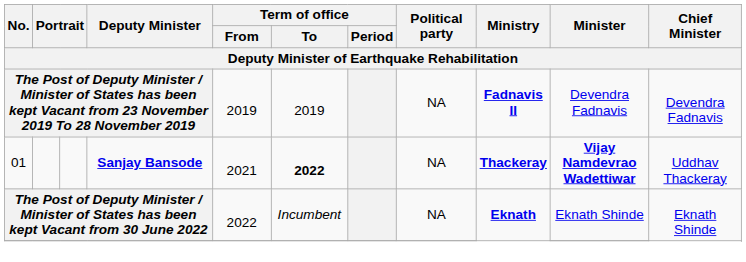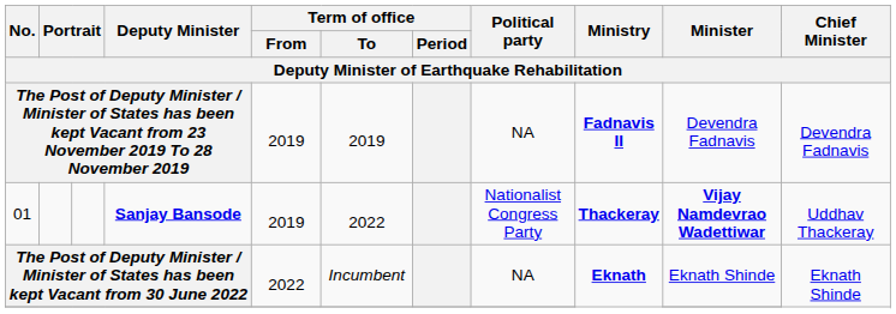 <table class="wikitable" style="text-align:center">
 <tr>
 <th rowspan="2">No.</th>
 <th rowspan="2" colspan="2">Portrait</th>
 <th rowspan="2" style="width:16em">Deputy Minister<br></th>
 <th colspan="3">Term of office</th>
 <th rowspan="2" style="width:8em">Political party</th>
 <th rowspan="2">Ministry</th>
 <th rowspan="2" style="width:9em">Minister</th>
 <th rowspan="2" style="width:9em">Chief Minister</th>
 </tr>
 <tr>
 <th style="width:6em">From</th>
 <th style="width:6em">To</th>
 <th>Period</th>
 </tr>
 <tr>
 <th colspan="11">Deputy Minister of Earthquake Rehabilitation</th>
 </tr>
 <tr>
 <th colspan="04"><strong><em>The Post of Deputy Minister / Minister of States has been kept Vacant from 23 November 2019 To 28 November 2019</em></strong></th>
 <td><br>2019</td>
 <td><br>2019</td>
 <th></th>
 <td>NA</td>
 <td rowspan="1"><a href='#'><strong>Fadnavis II</strong></a></td>
 <td><a href='#'>Devendra Fadnavis</a></td>
 <td rowspan="1"> <br><a href='#'>Devendra Fadnavis</a></td>
 </tr>
 <tr>
 <td>01</td>
 <td style="color:inherit;background:"></td>
 <td></td>
 <td><strong><a href='#'>Sanjay Bansode</a></strong> <br> </td>
-<td><br>2021</td>
-<td><strong><br>2022</strong></td>
+<td><br>2019</td>
+<td><br>2022</td>
 <th></th>
-<td>NA</td>
+<td><a href='#'>Nationalist Congress Party</a></td>
 <td rowspan="1"><a href='#'><strong>Thackeray</strong></a></td>
 <td><strong><a href='#'>Vijay Namdevrao Wadettiwar</a></strong></td>
 <td rowspan="1"> <br><a href='#'>Uddhav Thackeray</a></td>
 </tr>
 <tr>
 <th colspan="04"><strong><em>The Post of Deputy Minister / Minister of States has been kept Vacant from 30 June 2022</em></strong></th>
 <td><br>2022</td>
 <td><em>Incumbent</em></td>
 <th></th>
 <td>NA</td>
 <td rowspan="2"><a href='#'><strong>Eknath</strong></a></td>
 <td><a href='#'>Eknath Shinde</a></td>
 <td rowspan="2"> <br><a href='#'>Eknath Shinde</a></td>
 </tr>
 <tr>
 </tr>
 </table>
